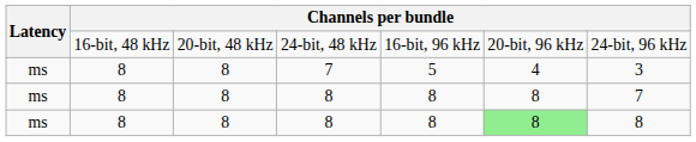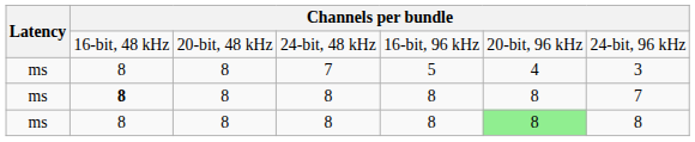 <table class="wikitable" style="margin:auto;">
 <tr>
 <th rowspan="2">Latency</th>
 <th colspan="6">Channels per bundle</th>
 </tr>
 <tr>
 <td>16-bit, 48 kHz</td>
 <td>20-bit, 48 kHz</td>
 <td>24-bit, 48 kHz</td>
 <td>16-bit, 96 kHz</td>
 <td>20-bit, 96 kHz</td>
 <td>24-bit, 96 kHz</td>
 </tr>
 <tr style="text-align:center;">
 <td> ms</td>
 <td>8</td>
 <td>8</td>
 <td>7</td>
 <td>5</td>
 <td>4</td>
 <td>3</td>
 </tr>
 <tr style="text-align:center;">
 <td> ms</td>
-<td>8</td>
+<td><strong>8</strong></td>
 <td>8</td>
 <td>8</td>
 <td>8</td>
 <td>8</td>
 <td>7</td>
 </tr>
 <tr style="text-align:center;">
 <td> ms</td>
 <td>8</td>
 <td>8</td>
 <td>8</td>
 <td>8</td>
 <td style="background: lightgreen;">8</td>
 <td>8</td>
 </tr>
 </table>
